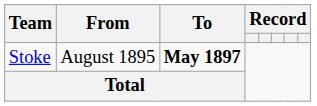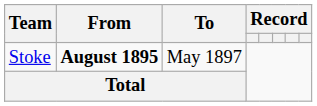 <table class="wikitable" style="text-align:center">
 <tr>
 <th rowspan="2">Team</th>
 <th rowspan="2">From</th>
 <th rowspan="2">To</th>
 <th colspan="5">Record</th>
 </tr>
 <tr>
 <th></th>
 <th></th>
 <th></th>
 <th></th>
 <th></th>
 </tr>
 <tr>
 <td align=left><a href='#'>Stoke</a></td>
-<td align=left>August 1895</td>
-<td align=left><strong>May 1897<br></strong></td>
+<td align=left><strong>August 1895</strong></td>
+<td align=left>May 1897<br></td>
 </tr>
 <tr>
 <th colspan="3">Total<br></th>
 </tr>
 </table>
